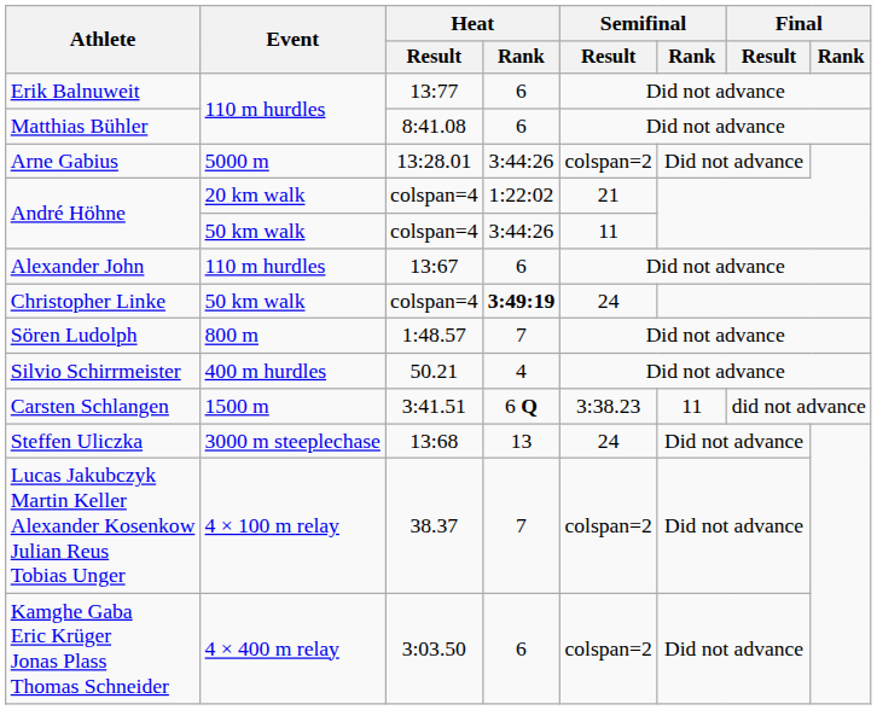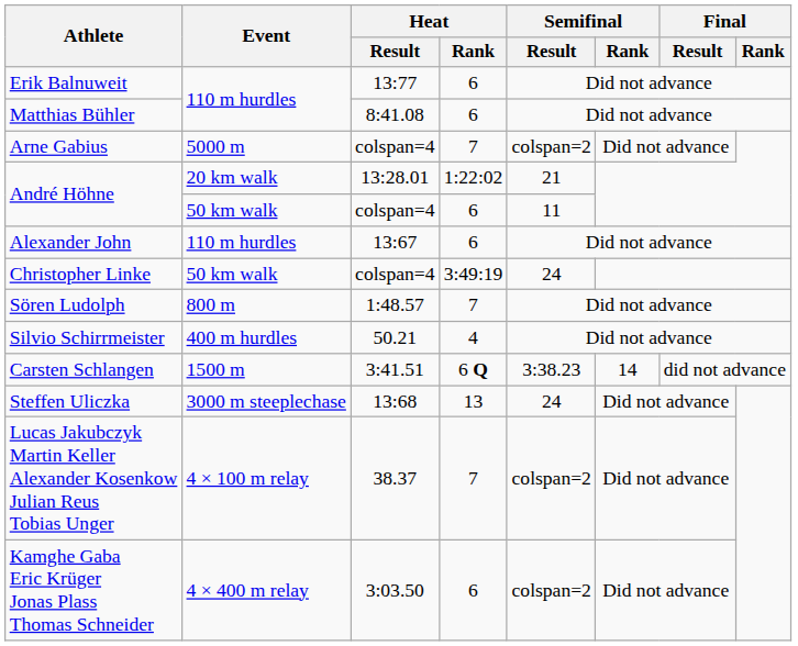 <table class="wikitable" style="font-size:90%">
 <tr>
 <th rowspan="2">Athlete</th>
 <th rowspan="2">Event</th>
 <th colspan="2">Heat</th>
 <th colspan="2">Semifinal</th>
 <th colspan="2">Final</th>
 </tr>
 <tr style="font-size:95%">
 <th>Result</th>
 <th>Rank</th>
 <th>Result</th>
 <th>Rank</th>
 <th>Result</th>
 <th>Rank</th>
 </tr>
 <tr align=center>
 <td align=left><a href='#'>Erik Balnuweit</a></td>
 <td align=left rowspan=2><a href='#'>110 m hurdles</a></td>
 <td>13:77</td>
 <td>6</td>
 <td colspan=4>Did not advance</td>
 </tr>
 <tr align=center>
 <td align=left><a href='#'>Matthias Bühler</a></td>
 <td>8:41.08</td>
 <td>6</td>
 <td colspan=4>Did not advance</td>
 </tr>
 <tr align=center>
 <td align=left><a href='#'>Arne Gabius</a></td>
 <td align=left><a href='#'>5000 m</a></td>
-<td>13:28.01</td>
-<td>3:44:26</td>
+<td>colspan=4 </td>
+<td>7</td>
 <td>colspan=2 </td>
 <td colspan=2>Did not advance</td>
 </tr>
 <tr align=center>
 <td align=left rowspan=2><a href='#'>André Höhne</a></td>
 <td align=left><a href='#'>20 km walk</a></td>
-<td>colspan=4 </td>
+<td>13:28.01</td>
 <td>1:22:02</td>
 <td>21</td>
 </tr>
 <tr align=center>
 <td align=left><a href='#'>50 km walk</a></td>
 <td>colspan=4 </td>
-<td>3:44:26</td>
+<td>6</td>
 <td>11</td>
 </tr>
 <tr align=center>
 <td align=left><a href='#'>Alexander John</a></td>
 <td align=left><a href='#'>110 m hurdles</a></td>
 <td>13:67</td>
 <td>6</td>
 <td colspan=4>Did not advance</td>
 </tr>
 <tr align=center>
 <td align=left><a href='#'>Christopher Linke</a></td>
 <td align=left><a href='#'>50 km walk</a></td>
 <td>colspan=4 </td>
-<td><strong>3:49:19</strong></td>
+<td>3:49:19</td>
 <td>24</td>
 </tr>
 <tr align=center>
 <td align=left><a href='#'>Sören Ludolph</a></td>
 <td align=left><a href='#'>800 m</a></td>
 <td>1:48.57</td>
 <td>7</td>
 <td colspan=4>Did not advance</td>
 </tr>
 <tr align=center>
 <td align=left><a href='#'>Silvio Schirrmeister</a></td>
 <td align=left><a href='#'>400 m hurdles</a></td>
 <td>50.21</td>
 <td>4</td>
 <td colspan=4>Did not advance</td>
 </tr>
 <tr align=center>
 <td align=left><a href='#'>Carsten Schlangen</a></td>
 <td align=left><a href='#'>1500 m</a></td>
 <td>3:41.51</td>
 <td>6 <strong>Q</strong></td>
 <td>3:38.23</td>
-<td>11</td>
+<td>14</td>
 <td colspan="2">did not advance</td>
 </tr>
 <tr align=center>
 <td align=left><a href='#'>Steffen Uliczka</a></td>
 <td align=left><a href='#'>3000 m steeplechase</a></td>
 <td>13:68</td>
 <td>13</td>
 <td>24</td>
 <td colspan=2>Did not advance</td>
 </tr>
 <tr align=center>
 <td align=left><a href='#'>Lucas Jakubczyk</a><br><a href='#'>Martin Keller</a><br><a href='#'>Alexander Kosenkow</a><br><a href='#'>Julian Reus</a><br><a href='#'>Tobias Unger</a></td>
 <td align=left><a href='#'>4 × 100 m relay</a></td>
 <td>38.37</td>
 <td>7</td>
 <td>colspan=2 </td>
 <td colspan=2>Did not advance</td>
 </tr>
 <tr align=center>
 <td align=left><a href='#'>Kamghe Gaba</a><br><a href='#'>Eric Krüger</a><br><a href='#'>Jonas Plass</a><br><a href='#'>Thomas Schneider</a></td>
 <td align=left><a href='#'>4 × 400 m relay</a></td>
 <td>3:03.50</td>
 <td>6</td>
 <td>colspan=2 </td>
 <td colspan=2>Did not advance</td>
 </tr>
 </table>
